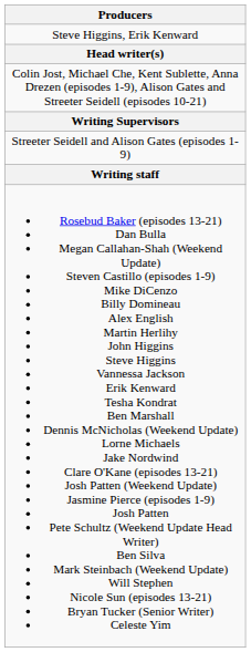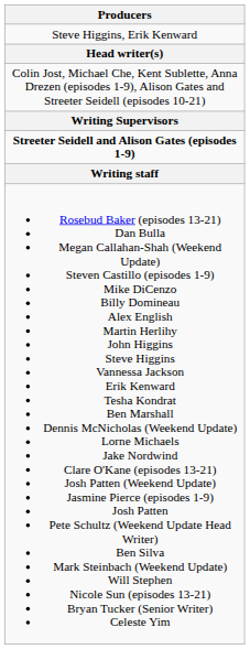 <table class="wikitable plainrowheaders"  style="text-align:center; width:50%;">
 <tr>
 <th><strong>Producers</strong></th>
 </tr>
 <tr>
 <td>Steve Higgins, Erik Kenward</td>
 </tr>
 <tr>
 <th><strong>Head writer(s)</strong></th>
 </tr>
 <tr>
 <td>Colin Jost, Michael Che, Kent Sublette, Anna Drezen (episodes 1-9), Alison Gates and Streeter Seidell (episodes 10-21)</td>
 </tr>
 <tr>
 <th><strong>Writing Supervisors</strong></th>
 </tr>
 <tr>
-<td>Streeter Seidell and Alison Gates (episodes 1-9)</td>
+<td><strong>Streeter Seidell and Alison Gates (episodes 1-9)</strong></td>
 </tr>
 <tr>
 <th><strong>Writing staff</strong></th>
 </tr>
 <tr>
 <td><br><ul><li><a href='#'>Rosebud Baker</a> (episodes 13-21)</li><li>Dan Bulla</li><li>Megan Callahan-Shah (Weekend Update)</li><li>Steven Castillo (episodes 1-9)</li><li>Mike DiCenzo</li><li>Billy Domineau</li><li>Alex English</li><li>Martin Herlihy</li><li>John Higgins</li><li>Steve Higgins</li><li>Vannessa Jackson</li><li>Erik Kenward</li><li>Tesha Kondrat</li><li>Ben Marshall</li><li>Dennis McNicholas (Weekend Update)</li><li>Lorne Michaels</li><li>Jake Nordwind</li><li>Clare O'Kane (episodes 13-21)</li><li>Josh Patten (Weekend Update)</li><li>Jasmine Pierce (episodes 1-9)</li><li>Josh Patten</li><li>Pete Schultz (Weekend Update Head Writer)</li><li>Ben Silva</li><li>Mark Steinbach (Weekend Update)</li><li>Will Stephen</li><li>Nicole Sun (episodes 13-21)</li><li>Bryan Tucker (Senior Writer)</li><li>Celeste Yim</li></ul></td>
 </tr>
 </table>
